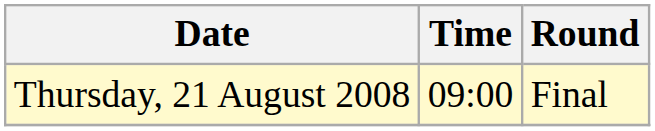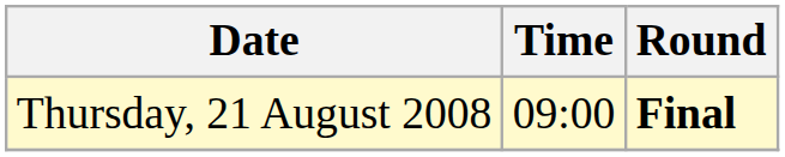 <table class="wikitable">
 <tr>
 <th>Date</th>
 <th>Time</th>
 <th>Round</th>
 </tr>
 <tr>
 <td style=background:lemonchiffon>Thursday, 21 August 2008</td>
 <td style=background:lemonchiffon>09:00</td>
-<td style=background:lemonchiffon>Final</td>
+<td style=background:lemonchiffon><strong>Final</strong></td>
 </tr>
 <tr>
 </tr>
 </table>
